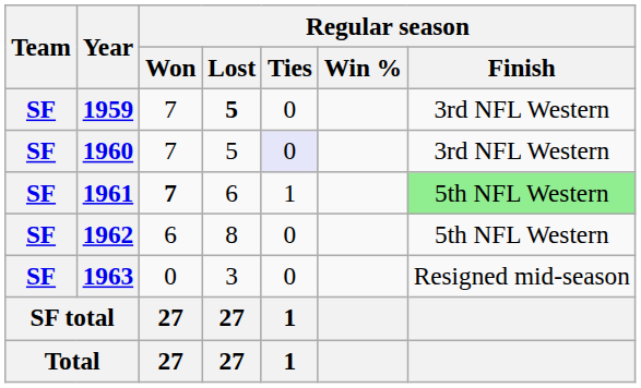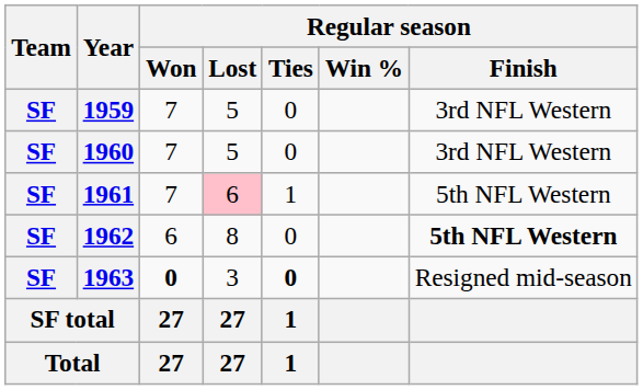 <table class="wikitable" style="font-size: 95%; text-align:center;">
 <tr>
 <th rowspan="2">Team</th>
 <th rowspan="2">Year</th>
 <th colspan="5">Regular season</th>
 </tr>
 <tr>
 <th>Won</th>
 <th>Lost</th>
 <th>Ties</th>
 <th>Win %</th>
 <th>Finish</th>
 </tr>
 <tr>
 <th><a href='#'>SF</a></th>
 <th><a href='#'>1959</a></th>
 <td>7</td>
-<td><strong>5</strong></td>
+<td>5</td>
 <td>0</td>
 <td></td>
 <td>3rd NFL Western</td>
 </tr>
 <tr>
 <th><a href='#'>SF</a></th>
 <th><a href='#'>1960</a></th>
 <td>7</td>
 <td>5</td>
-<td style="background: lavender;">0</td>
+<td>0</td>
 <td></td>
 <td>3rd NFL Western</td>
 </tr>
 <tr>
 <th><a href='#'>SF</a></th>
 <th><a href='#'>1961</a></th>
-<td><strong>7</strong></td>
-<td>6</td>
+<td>7</td>
+<td style="background: pink;">6</td>
 <td>1</td>
 <td></td>
-<td style="background: lightgreen;">5th NFL Western</td>
+<td>5th NFL Western</td>
 </tr>
 <tr>
 <th><a href='#'>SF</a></th>
 <th><a href='#'>1962</a></th>
 <td>6</td>
 <td>8</td>
 <td>0</td>
 <td></td>
-<td>5th NFL Western</td>
+<td><strong>5th NFL Western</strong></td>
 </tr>
 <tr>
 <th><a href='#'>SF</a></th>
 <th><a href='#'>1963</a></th>
-<td>0</td>
+<td><strong>0</strong></td>
 <td>3</td>
-<td>0</td>
+<td><strong>0</strong></td>
 <td></td>
 <td>Resigned mid-season</td>
 </tr>
 <tr>
 <th colspan="2">SF total</th>
 <th>27</th>
 <th>27</th>
 <th>1</th>
 <th></th>
 <th></th>
 </tr>
 <tr>
 <th colspan="2">Total</th>
 <th>27</th>
 <th>27</th>
 <th>1</th>
 <th></th>
 <th></th>
 </tr>
 </table>
